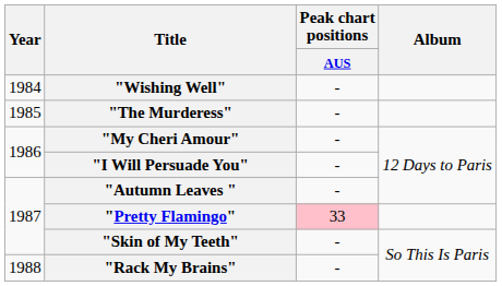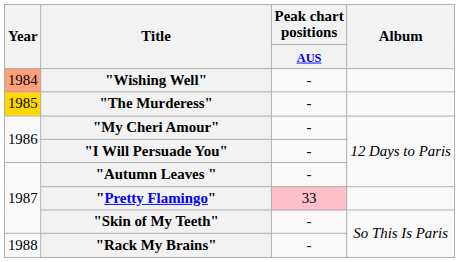 <table class="wikitable plainrowheaders" style="text-align:center;" border="1">
 <tr>
 <th scope="col" rowspan="2">Year</th>
 <th scope="col" rowspan="2" style="width:15em;">Title</th>
 <th scope="col" colspan="1">Peak chart<br>positions</th>
 <th scope="col" rowspan="2">Album</th>
 </tr>
 <tr>
 <th scope="col" style="text-align:center;"><small><a href='#'>AUS</a></small><br></th>
 </tr>
 <tr>
-<td>1984</td>
+<td style="background: lightsalmon;">1984</td>
 <th scope="row">"Wishing Well"</th>
 <td style="text-align:center;">-</td>
 <td></td>
 </tr>
 <tr>
-<td>1985</td>
+<td style="background: gold;">1985</td>
 <th scope="row">"The Murderess"</th>
 <td style="text-align:center;">-</td>
 <td></td>
 </tr>
 <tr>
 <td rowspan="2">1986</td>
 <th scope="row">"My Cheri Amour"</th>
 <td style="text-align:center;">-</td>
 <td rowspan="3"><em>12 Days to Paris</em></td>
 </tr>
 <tr>
 <th scope="row">"I Will Persuade You"</th>
 <td style="text-align:center;">-</td>
 </tr>
 <tr>
 <td rowspan="3">1987</td>
 <th scope="row">"Autumn Leaves "</th>
 <td style="text-align:center;">-</td>
 </tr>
 <tr>
 <th scope="row">"<a href='#'>Pretty Flamingo</a>"</th>
 <td style="background: pink; text-align:center;">33</td>
 <td></td>
 </tr>
 <tr>
 <th scope="row">"Skin of My Teeth"</th>
 <td style="text-align:center;">-</td>
 <td rowspan="2"><em>So This Is Paris</em></td>
 </tr>
 <tr>
 <td rowspan="2">1988</td>
 <th scope="row">"Rack My Brains"</th>
 <td style="text-align:center;">-</td>
 </tr>
 </table>
